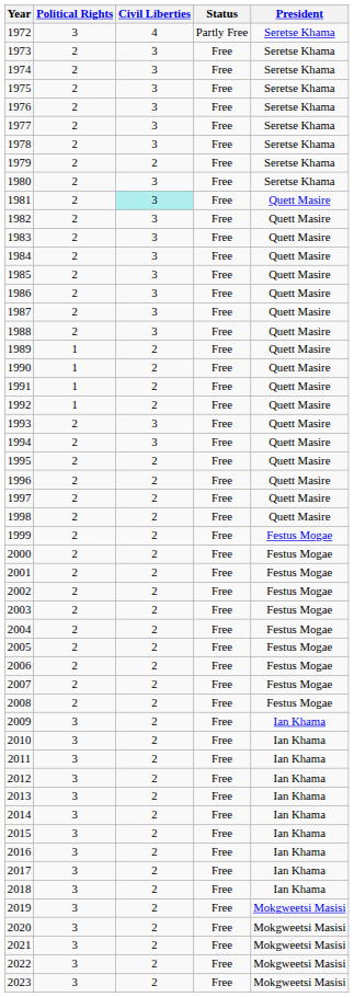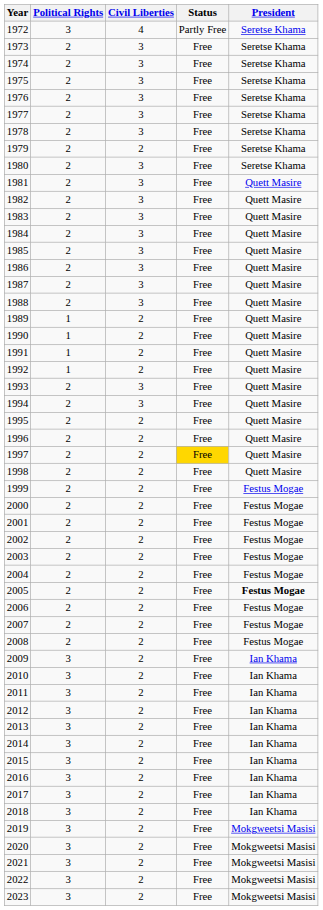 <table class="wikitable sortable" style="text-align: center">
 <tr>
 <th scope="col">Year</th>
 <th scope="col"><a href='#'>Political Rights</a></th>
 <th scope="col"><a href='#'>Civil Liberties</a></th>
 <th scope="col">Status</th>
 <th scope="col"><a href='#'>President</a></th>
 </tr>
 <tr>
 <td>1972</td>
 <td>3</td>
 <td>4</td>
 <td>Partly Free</td>
 <td><a href='#'>Seretse Khama</a></td>
 </tr>
 <tr>
 <td>1973</td>
 <td>2</td>
 <td>3</td>
 <td>Free</td>
 <td>Seretse Khama</td>
 </tr>
 <tr>
 <td>1974</td>
 <td>2</td>
 <td>3</td>
 <td>Free</td>
 <td>Seretse Khama</td>
 </tr>
 <tr>
 <td>1975</td>
 <td>2</td>
 <td>3</td>
 <td>Free</td>
 <td>Seretse Khama</td>
 </tr>
 <tr>
 <td>1976</td>
 <td>2</td>
 <td>3</td>
 <td>Free</td>
 <td>Seretse Khama</td>
 </tr>
 <tr>
 <td>1977</td>
 <td>2</td>
 <td>3</td>
 <td>Free</td>
 <td>Seretse Khama</td>
 </tr>
 <tr>
 <td>1978</td>
 <td>2</td>
 <td>3</td>
 <td>Free</td>
 <td>Seretse Khama</td>
 </tr>
 <tr>
 <td>1979</td>
 <td>2</td>
 <td>2</td>
 <td>Free</td>
 <td>Seretse Khama</td>
 </tr>
 <tr>
 <td>1980</td>
 <td>2</td>
 <td>3</td>
 <td>Free</td>
 <td>Seretse Khama</td>
 </tr>
 <tr>
 <td>1981</td>
 <td>2</td>
-<td style="background: paleturquoise;">3</td>
+<td>3</td>
 <td>Free</td>
 <td><a href='#'>Quett Masire</a></td>
 </tr>
 <tr>
 <td>1982</td>
 <td>2</td>
 <td>3</td>
 <td>Free</td>
 <td>Quett Masire</td>
 </tr>
 <tr>
 <td>1983</td>
 <td>2</td>
 <td>3</td>
 <td>Free</td>
 <td>Quett Masire</td>
 </tr>
 <tr>
 <td>1984</td>
 <td>2</td>
 <td>3</td>
 <td>Free</td>
 <td>Quett Masire</td>
 </tr>
 <tr>
 <td>1985</td>
 <td>2</td>
 <td>3</td>
 <td>Free</td>
 <td>Quett Masire</td>
 </tr>
 <tr>
 <td>1986</td>
 <td>2</td>
 <td>3</td>
 <td>Free</td>
 <td>Quett Masire</td>
 </tr>
 <tr>
 <td>1987</td>
 <td>2</td>
 <td>3</td>
 <td>Free</td>
 <td>Quett Masire</td>
 </tr>
 <tr>
 <td>1988</td>
 <td>2</td>
 <td>3</td>
 <td>Free</td>
 <td>Quett Masire</td>
 </tr>
 <tr>
 <td>1989</td>
 <td>1</td>
 <td>2</td>
 <td>Free</td>
 <td>Quett Masire</td>
 </tr>
 <tr>
 <td>1990</td>
 <td>1</td>
 <td>2</td>
 <td>Free</td>
 <td>Quett Masire</td>
 </tr>
 <tr>
 <td>1991</td>
 <td>1</td>
 <td>2</td>
 <td>Free</td>
 <td>Quett Masire</td>
 </tr>
 <tr>
 <td>1992</td>
 <td>1</td>
 <td>2</td>
 <td>Free</td>
 <td>Quett Masire</td>
 </tr>
 <tr>
 <td>1993</td>
 <td>2</td>
 <td>3</td>
 <td>Free</td>
 <td>Quett Masire</td>
 </tr>
 <tr>
 <td>1994</td>
 <td>2</td>
 <td>3</td>
 <td>Free</td>
 <td>Quett Masire</td>
 </tr>
 <tr>
 <td>1995</td>
 <td>2</td>
 <td>2</td>
 <td>Free</td>
 <td>Quett Masire</td>
 </tr>
 <tr>
 <td>1996</td>
 <td>2</td>
 <td>2</td>
 <td>Free</td>
 <td>Quett Masire</td>
 </tr>
 <tr>
 <td>1997</td>
 <td>2</td>
 <td>2</td>
-<td>Free</td>
+<td style="background: gold;">Free</td>
 <td>Quett Masire</td>
 </tr>
 <tr>
 <td>1998</td>
 <td>2</td>
 <td>2</td>
 <td>Free</td>
 <td>Quett Masire</td>
 </tr>
 <tr>
 <td>1999</td>
 <td>2</td>
 <td>2</td>
 <td>Free</td>
 <td><a href='#'>Festus Mogae</a></td>
 </tr>
 <tr>
 <td>2000</td>
 <td>2</td>
 <td>2</td>
 <td>Free</td>
 <td>Festus Mogae</td>
 </tr>
 <tr>
 <td>2001</td>
 <td>2</td>
 <td>2</td>
 <td>Free</td>
 <td>Festus Mogae</td>
 </tr>
 <tr>
 <td>2002</td>
 <td>2</td>
 <td>2</td>
 <td>Free</td>
 <td>Festus Mogae</td>
 </tr>
 <tr>
 <td>2003</td>
 <td>2</td>
 <td>2</td>
 <td>Free</td>
 <td>Festus Mogae</td>
 </tr>
 <tr>
 <td>2004</td>
 <td>2</td>
 <td>2</td>
 <td>Free</td>
 <td>Festus Mogae</td>
 </tr>
 <tr>
 <td>2005</td>
 <td>2</td>
 <td>2</td>
 <td>Free</td>
-<td>Festus Mogae</td>
+<td><strong>Festus Mogae</strong></td>
 </tr>
 <tr>
 <td>2006</td>
 <td>2</td>
 <td>2</td>
 <td>Free</td>
 <td>Festus Mogae</td>
 </tr>
 <tr>
 <td>2007</td>
 <td>2</td>
 <td>2</td>
 <td>Free</td>
 <td>Festus Mogae</td>
 </tr>
 <tr>
 <td>2008</td>
 <td>2</td>
 <td>2</td>
 <td>Free</td>
 <td>Festus Mogae</td>
 </tr>
 <tr>
 <td>2009</td>
 <td>3</td>
 <td>2</td>
 <td>Free</td>
 <td><a href='#'>Ian Khama</a></td>
 </tr>
 <tr>
 <td>2010</td>
 <td>3</td>
 <td>2</td>
 <td>Free</td>
 <td>Ian Khama</td>
 </tr>
 <tr>
 <td>2011</td>
 <td>3</td>
 <td>2</td>
 <td>Free</td>
 <td>Ian Khama</td>
 </tr>
 <tr>
 <td>2012</td>
 <td>3</td>
 <td>2</td>
 <td>Free</td>
 <td>Ian Khama</td>
 </tr>
 <tr>
 <td>2013</td>
 <td>3</td>
 <td>2</td>
 <td>Free</td>
 <td>Ian Khama</td>
 </tr>
 <tr>
 <td>2014</td>
 <td>3</td>
 <td>2</td>
 <td>Free</td>
 <td>Ian Khama</td>
 </tr>
 <tr>
 <td>2015</td>
 <td>3</td>
 <td>2</td>
 <td>Free</td>
 <td>Ian Khama</td>
 </tr>
 <tr>
 <td>2016</td>
 <td>3</td>
 <td>2</td>
 <td>Free</td>
 <td>Ian Khama</td>
 </tr>
 <tr>
 <td>2017</td>
 <td>3</td>
 <td>2</td>
 <td>Free</td>
 <td>Ian Khama</td>
 </tr>
 <tr>
 <td>2018</td>
 <td>3</td>
 <td>2</td>
 <td>Free</td>
 <td>Ian Khama</td>
 </tr>
 <tr>
 <td>2019</td>
 <td>3</td>
 <td>2</td>
 <td>Free</td>
 <td><a href='#'>Mokgweetsi Masisi</a></td>
 </tr>
 <tr>
 <td>2020</td>
 <td>3</td>
 <td>2</td>
 <td>Free</td>
 <td>Mokgweetsi Masisi</td>
 </tr>
 <tr>
 <td>2021</td>
 <td>3</td>
 <td>2</td>
 <td>Free</td>
 <td>Mokgweetsi Masisi</td>
 </tr>
 <tr>
 <td>2022</td>
 <td>3</td>
 <td>2</td>
 <td>Free</td>
 <td>Mokgweetsi Masisi</td>
 </tr>
 <tr>
 <td>2023</td>
 <td>3</td>
 <td>2</td>
 <td>Free</td>
 <td>Mokgweetsi Masisi</td>
 </tr>
 </table>
